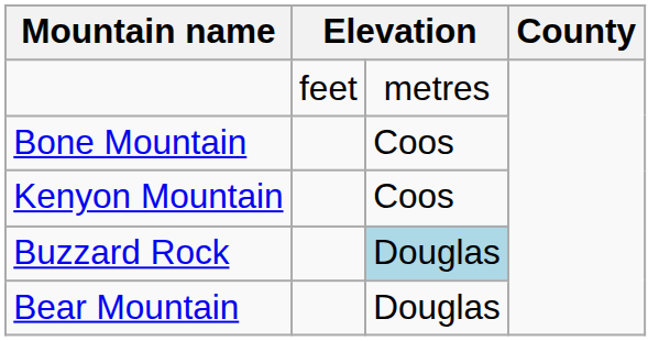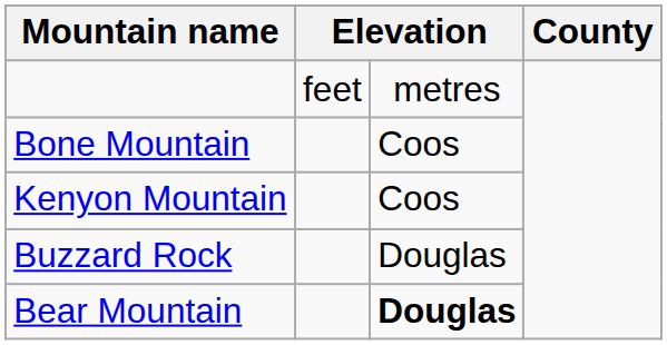 <table class="wikitable">
 <tr>
 <th>Mountain name</th>
 <th colspan="2">Elevation</th>
 <th>County</th>
 </tr>
 <tr align="center">
 <td></td>
 <td>feet</td>
 <td>metres</td>
 </tr>
 <tr>
 <td><a href='#'>Bone Mountain</a></td>
 <td></td>
 <td>Coos</td>
 </tr>
 <tr>
 <td><a href='#'>Kenyon Mountain</a></td>
 <td></td>
 <td>Coos</td>
 </tr>
 <tr>
 <td><a href='#'>Buzzard Rock</a></td>
 <td></td>
-<td style="background: lightblue;">Douglas</td>
+<td>Douglas</td>
 </tr>
 <tr>
 <td><a href='#'>Bear Mountain</a></td>
 <td></td>
-<td>Douglas</td>
+<td><strong>Douglas</strong></td>
 </tr>
 </table>
